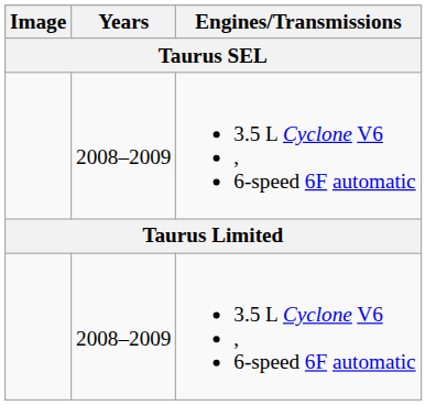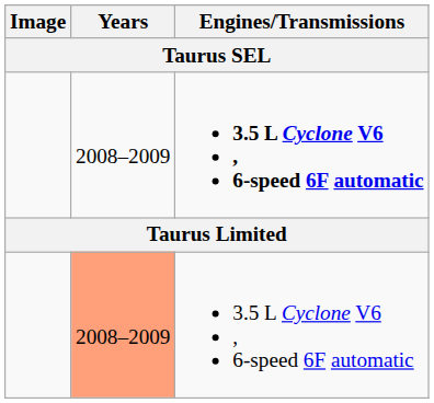 <table class="wikitable">
 <tr style="background:#CCCCCC;">
 <th>Image</th>
 <th>Years</th>
 <th>Engines/Transmissions</th>
 </tr>
 <tr>
 <th colspan=3 style= "textalign:center">Taurus SEL</th>
 </tr>
 <tr>
 <td></td>
 <td><br>2008–2009</td>
-<td><br><ul><li>3.5 L <em><a href='#'>Cyclone</a></em> <a href='#'>V6</a></li><li>, </li><li>6-speed <a href='#'>6F</a> <a href='#'>automatic</a></li></ul></td>
+<td><strong><br><ul><li>3.5 L <em><a href='#'>Cyclone</a></em> <a href='#'>V6</a></li><li>, </li><li>6-speed <a href='#'>6F</a> <a href='#'>automatic</a></li></ul></strong></td>
 </tr>
 <tr>
 <th colspan=3 style= "textalign:center">Taurus Limited</th>
 </tr>
 <tr>
 <td></td>
-<td><br>2008–2009</td>
+<td style="background: lightsalmon;"><br>2008–2009</td>
 <td><br><ul><li>3.5 L <em><a href='#'>Cyclone</a></em> <a href='#'>V6</a></li><li>, </li><li>6-speed <a href='#'>6F</a> <a href='#'>automatic</a></li></ul></td>
 </tr>
 </table>
